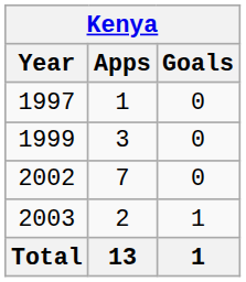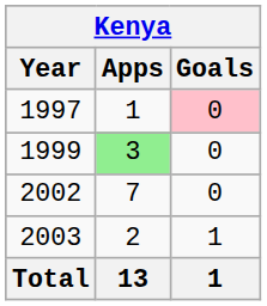 <table class="wikitable" style="text-align:center">
 <tr>
 <th colspan=3><a href='#'>Kenya</a></th>
 </tr>
 <tr>
 <th>Year</th>
 <th>Apps</th>
 <th>Goals</th>
 </tr>
 <tr>
 <td>1997</td>
 <td>1</td>
-<td>0</td>
+<td style="background: pink;">0</td>
 </tr>
 <tr>
 <td>1999</td>
-<td>3</td>
+<td style="background: lightgreen;">3</td>
 <td>0</td>
 </tr>
 <tr>
 <td>2002</td>
 <td>7</td>
 <td>0</td>
 </tr>
 <tr>
 <td>2003</td>
 <td>2</td>
 <td>1</td>
 </tr>
 <tr>
 <th>Total</th>
 <th>13</th>
 <th>1</th>
 </tr>
 </table>
